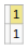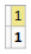 <table class="wikitable">
 <tr>
 </tr>
 <tr align=center>
 <td><a href='#'><strong></strong></a></td>
 <td style="background: khaki;">1</td>
 </tr>
 <tr align=center>
 <td><a href='#'><strong></strong></a></td>
-<td>1</td>
+<td><strong>1</strong></td>
 </tr>
 </table>
